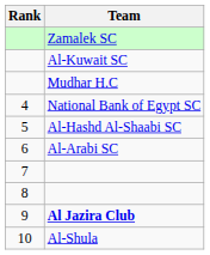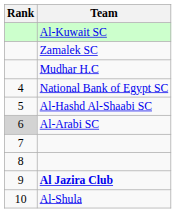 <table class="wikitable">
 <tr>
 <th>Rank</th>
 <th>Team</th>
 </tr>
 <tr bgcolor=ccffcc>
 <td align=center></td>
-<td> <a href='#'>Zamalek SC</a></td>
+<td> <a href='#'>Al-Kuwait SC</a></td>
 </tr>
 <tr>
 <td align=center></td>
-<td> <a href='#'>Al-Kuwait SC</a></td>
+<td> <a href='#'>Zamalek SC</a></td>
 </tr>
 <tr>
 <td align=center></td>
 <td> <a href='#'>Mudhar H.C</a></td>
 </tr>
 <tr>
 <td align=center>4</td>
 <td> <a href='#'>National Bank of Egypt SC</a></td>
 </tr>
 <tr>
 <td align=center>5</td>
 <td> <a href='#'>Al-Hashd Al-Shaabi SC</a></td>
 </tr>
 <tr>
-<td align=center>6</td>
+<td align=center style="background: lightgrey;">6</td>
 <td> <a href='#'>Al-Arabi SC</a></td>
 </tr>
 <tr>
 <td align=center>7</td>
 <td> </td>
 </tr>
 <tr>
 <td align=center>8</td>
 <td> </td>
 </tr>
 <tr>
 <td align=center>9</td>
 <td><strong> <a href='#'>Al Jazira Club</a></strong></td>
 </tr>
 <tr>
 <td align=center>10</td>
 <td> <a href='#'>Al-Shula</a></td>
 </tr>
 </table>
